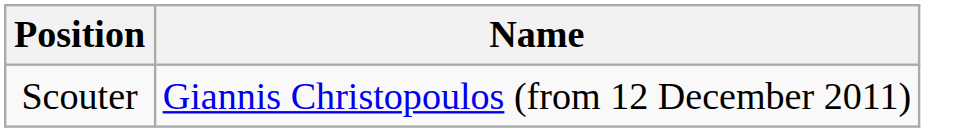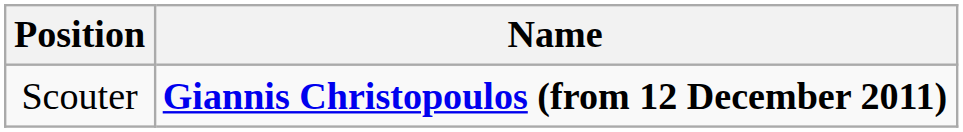 <table class="wikitable" style="text-align: center;">
 <tr>
 <th>Position</th>
 <th>Name</th>
 </tr>
 <tr>
 <td>Scouter</td>
-<td style="text-align:left;"><a href='#'>Giannis Christopoulos</a> (from 12 December 2011)</td>
+<td style="text-align:left;"><strong><a href='#'>Giannis Christopoulos</a> (from 12 December 2011)</strong></td>
 </tr>
 </table>
